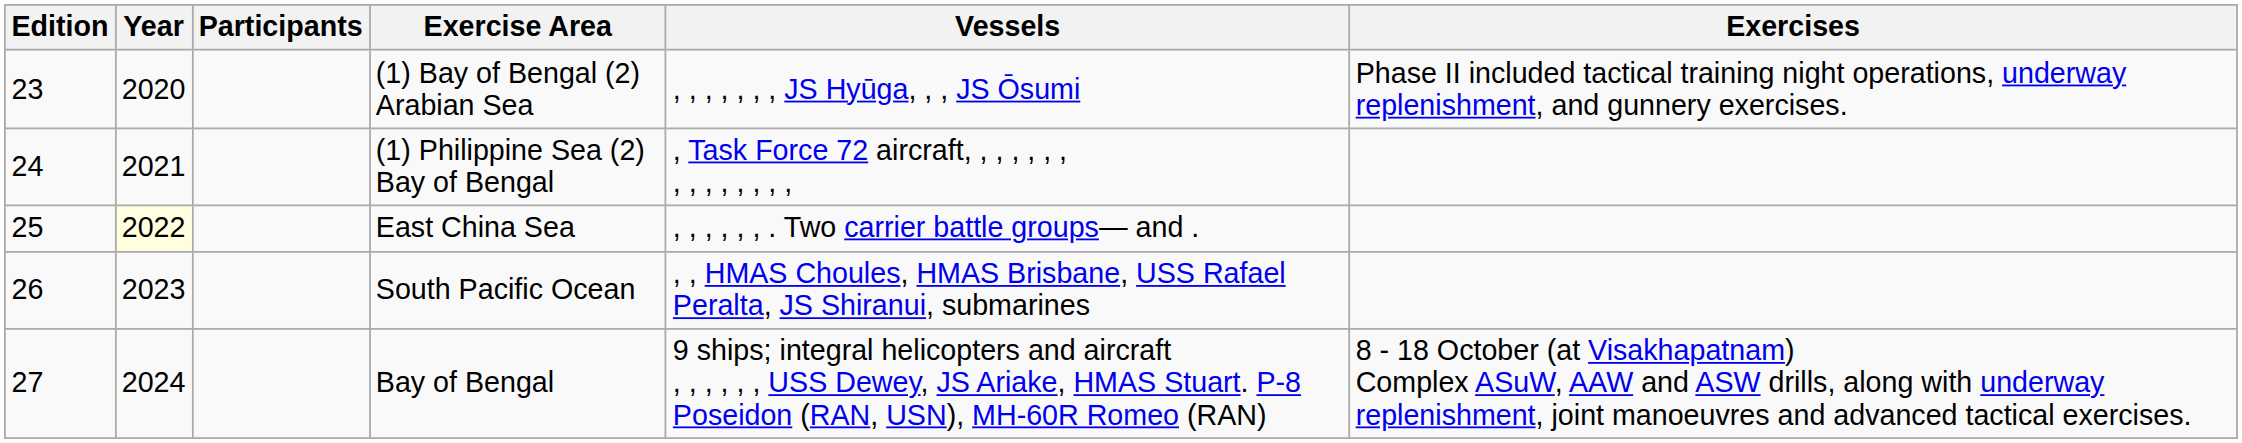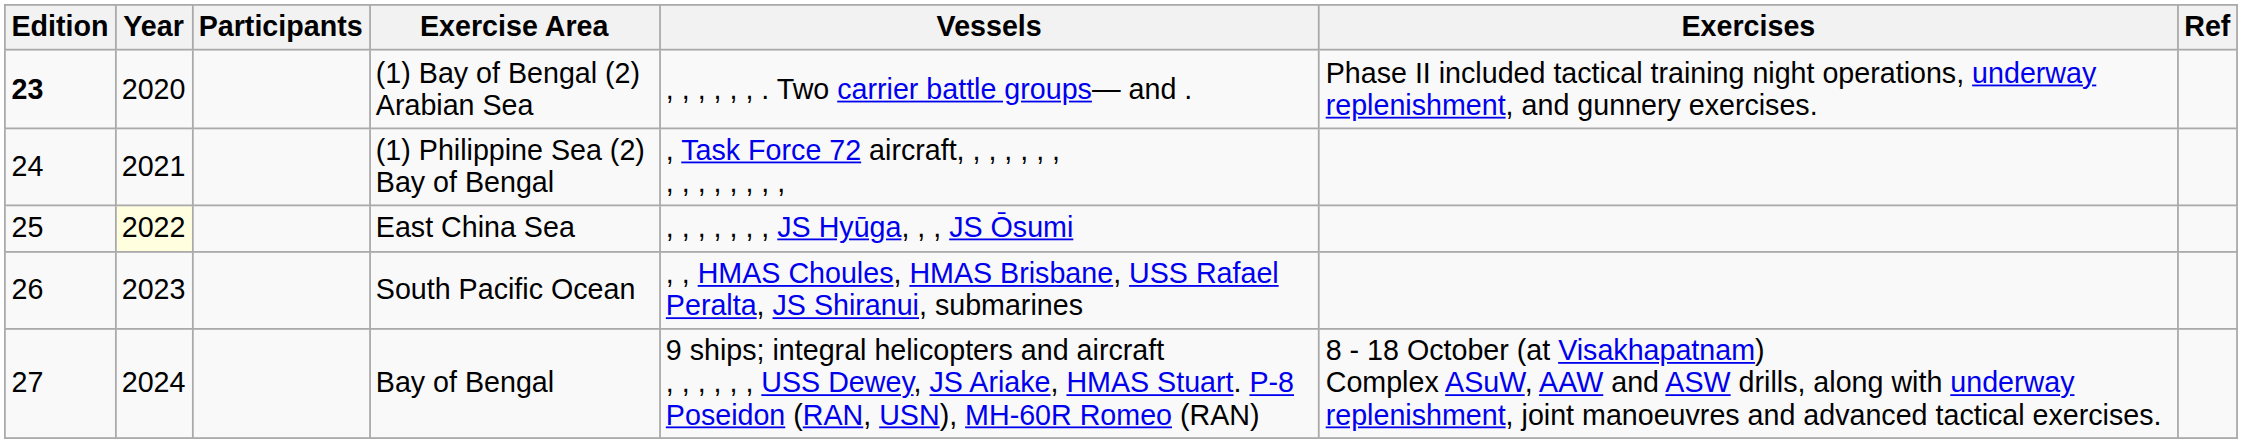 <table class="wikitable">
 <tr>
 <th>Edition</th>
 <th>Year</th>
 <th>Participants</th>
 <th>Exercise Area</th>
 <th>Vessels</th>
 <th>Exercises</th>
+<th>Ref</th>
 </tr>
 <tr>
-<td>23</td>
+<td><strong>23</strong></td>
 <td>2020</td>
 <td>    </td>
 <td>(1) Bay of Bengal (2) Arabian Sea</td>
-<td>, , , , , , , <a href='#'>JS Hyūga</a>, , , <a href='#'>JS Ōsumi</a></td>
+<td>, , , ,  , , .  Two <a href='#'>carrier battle groups</a>—  and .</td>
 <td>Phase II included tactical training night operations, <a href='#'>underway replenishment</a>, and gunnery exercises.</td>
+<td></td>
 </tr>
 <tr>
 <td>24</td>
 <td>2021</td>
 <td>    </td>
 <td>(1) Philippine Sea (2) Bay of Bengal</td>
 <td>, <a href='#'>Task Force 72</a> aircraft, , , , , , , <br>, , , , , , , , </td>
 <td></td>
+<td></td>
 </tr>
 <tr>
 <td>25</td>
 <td style="background: lightyellow;">2022</td>
 <td>    </td>
 <td>East China Sea</td>
-<td>, , , ,  , , .  Two <a href='#'>carrier battle groups</a>—  and .</td>
+<td>, , , , , , , <a href='#'>JS Hyūga</a>, , , <a href='#'>JS Ōsumi</a></td>
+<td></td>
 <td></td>
 </tr>
 <tr>
 <td>26</td>
 <td>2023</td>
 <td>    </td>
 <td>South Pacific Ocean</td>
 <td>, , <a href='#'>HMAS Choules</a>, <a href='#'>HMAS Brisbane</a>, <a href='#'>USS Rafael Peralta</a>, <a href='#'>JS Shiranui</a>, submarines</td>
 <td></td>
+<td></td>
 </tr>
 <tr>
 <td>27</td>
 <td>2024</td>
 <td>    </td>
 <td>Bay of Bengal</td>
 <td>9 ships; integral helicopters and aircraft<br>, , , , , , <a href='#'>USS Dewey</a>, <a href='#'>JS Ariake</a>, <a href='#'>HMAS Stuart</a>. <a href='#'>P-8 Poseidon</a> (<a href='#'>RAN</a>, <a href='#'>USN</a>), <a href='#'>MH-60R Romeo</a> (RAN)</td>
 <td>8 - 18 October (at <a href='#'>Visakhapatnam</a>)<br>Complex <a href='#'>ASuW</a>, <a href='#'>AAW</a> and <a href='#'>ASW</a> drills, along with <a href='#'>underway replenishment</a>, joint manoeuvres and advanced tactical exercises.</td>
+<td></td>
 </tr>
 </table>
